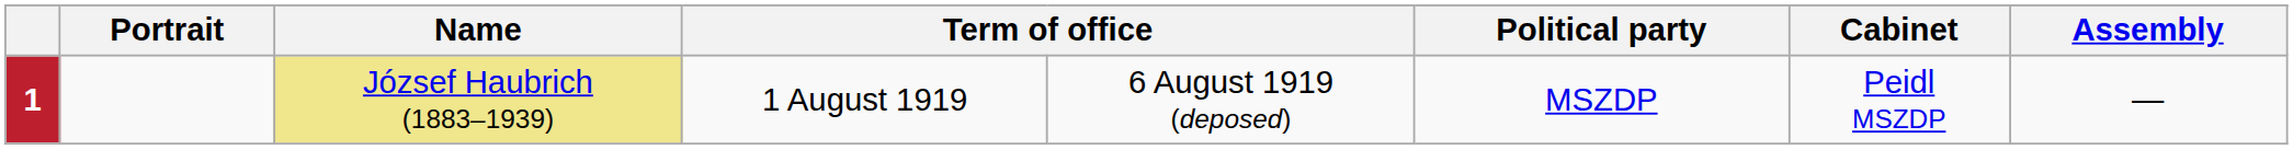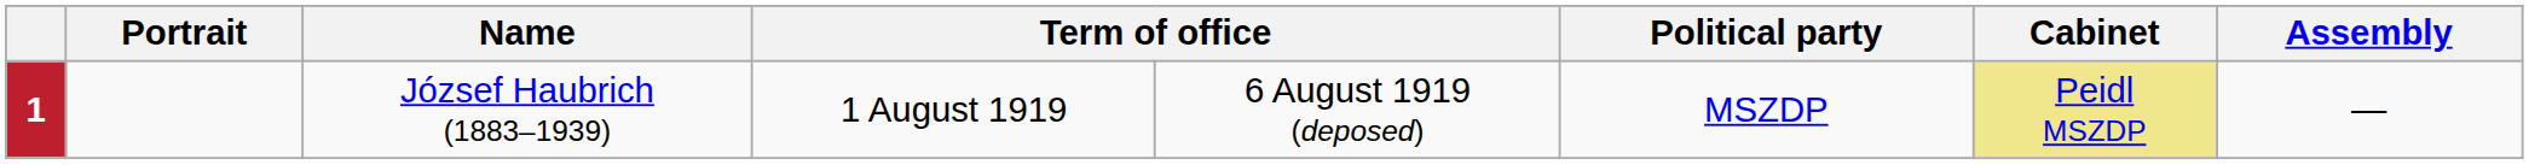 <table class="wikitable" style="width:90%; text-align:center;">
 <tr>
 <th></th>
 <th>Portrait</th>
 <th>Name<br></th>
 <th colspan=2>Term of office</th>
 <th>Political party</th>
 <th>Cabinet</th>
 <th><a href='#'>Assembly</a><br></th>
 </tr>
 <tr>
 <th style="background-color:#BE1F2E; color:white">1</th>
 <td></td>
-<td style="background: khaki;"><a href='#'>József Haubrich</a><br><small>(1883–1939)</small></td>
+<td><a href='#'>József Haubrich</a><br><small>(1883–1939)</small></td>
 <td>1 August 1919</td>
 <td>6 August 1919<br><small>(<em>deposed</em>)</small></td>
 <td><a href='#'>MSZDP</a></td>
-<td><a href='#'>Peidl</a><br><small><a href='#'>MSZDP</a></small></td>
+<td style="background: khaki;"><a href='#'>Peidl</a><br><small><a href='#'>MSZDP</a></small></td>
 <td>—</td>
 </tr>
 </table>
